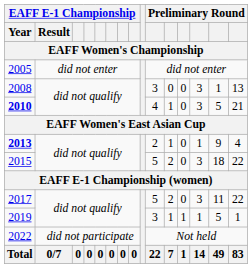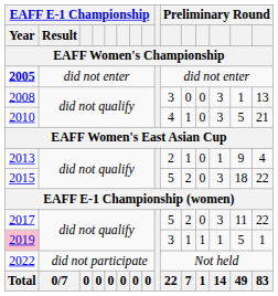 <table class="wikitable" style="text-align: center;">
 <tr>
 <th colspan=8><a href='#'>EAFF E-1 Championship</a></th>
 <th rowspan=2></th>
 <th colspan=6>Preliminary Round</th>
 </tr>
 <tr>
 <th>Year</th>
 <th>Result</th>
 <th></th>
 <th></th>
 <th></th>
 <th></th>
 <th></th>
 <th></th>
 <th></th>
 <th></th>
 <th></th>
 <th></th>
 <th></th>
 <th></th>
 </tr>
 <tr>
 <th colspan="15">EAFF Women's Championship</th>
 </tr>
 <tr>
-<td> <a href='#'>2005</a></td>
+<td><strong> <a href='#'>2005</a></strong></td>
 <td colspan=7><em>did not enter</em></td>
 <th rowspan=3></th>
 <td colspan=6><em>did not enter</em></td>
 </tr>
 <tr>
 <td> <a href='#'>2008</a></td>
 <td colspan=7 rowspan=2><em>did not qualify</em></td>
 <td>3</td>
 <td>0</td>
 <td>0</td>
 <td>3</td>
 <td>1</td>
 <td>13</td>
 </tr>
 <tr>
-<td><strong> <a href='#'>2010</a></strong></td>
+<td> <a href='#'>2010</a></td>
 <td>4</td>
 <td>1</td>
 <td>0</td>
 <td>3</td>
 <td>5</td>
 <td>21</td>
 </tr>
 <tr>
 <th colspan="15">EAFF Women's East Asian Cup</th>
 </tr>
 <tr>
-<td><strong> <a href='#'>2013</a></strong></td>
+<td> <a href='#'>2013</a></td>
 <td colspan=7 rowspan=2><em>did not qualify</em></td>
 <th rowspan=2></th>
 <td>2</td>
 <td>1</td>
 <td>0</td>
 <td>1</td>
 <td>9</td>
 <td>4</td>
 </tr>
 <tr>
 <td> <a href='#'>2015</a></td>
 <td>5</td>
 <td>2</td>
 <td>0</td>
 <td>3</td>
 <td>18</td>
 <td>22</td>
 </tr>
 <tr>
 <th colspan="15">EAFF E-1 Championship (women)</th>
 </tr>
 <tr>
 <td> <a href='#'>2017</a></td>
 <td colspan=7 rowspan=2><em>did not qualify</em></td>
 <th rowspan=4></th>
 <td>5</td>
 <td>2</td>
 <td>0</td>
 <td>3</td>
 <td>11</td>
 <td>22</td>
 </tr>
 <tr>
-<td> <a href='#'>2019</a></td>
+<td style="background: pink;"> <a href='#'>2019</a></td>
 <td>3</td>
 <td>1</td>
 <td>1</td>
 <td>1</td>
 <td>5</td>
 <td>1</td>
 </tr>
 <tr>
 <td> <a href='#'>2022</a></td>
 <td colspan=8><em>did not participate</em></td>
 <td colspan=7><em>Not held</em></td>
 </tr>
 <tr>
 <th>Total</th>
 <th>0/7</th>
 <th>0</th>
 <th>0</th>
 <th>0</th>
 <th>0</th>
 <th>0</th>
 <th>0</th>
 <th>22</th>
 <th>7</th>
 <th>1</th>
 <th>14</th>
 <th>49</th>
 <th>83</th>
 </tr>
 </table>
